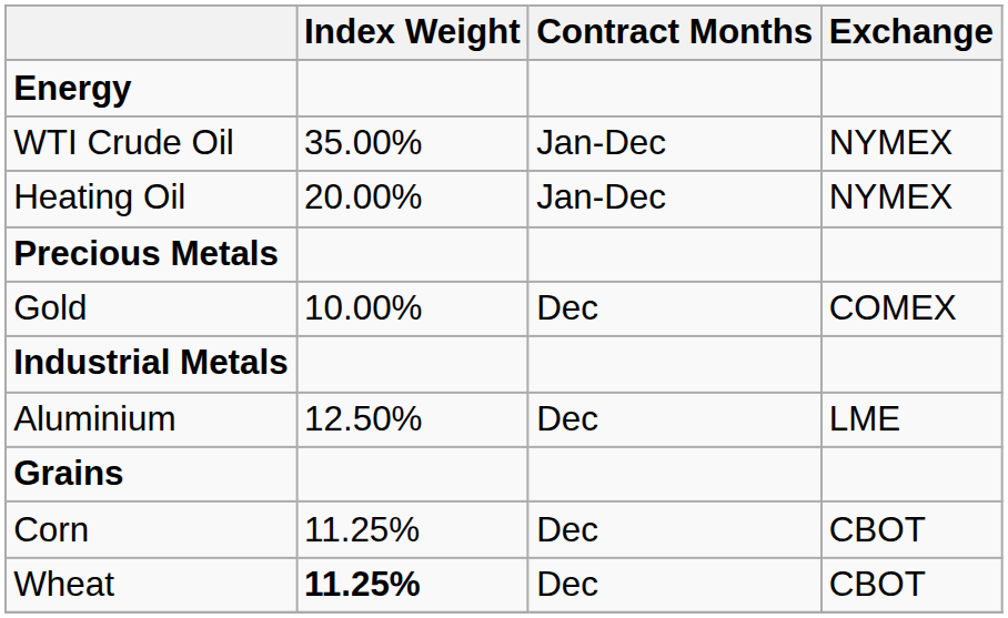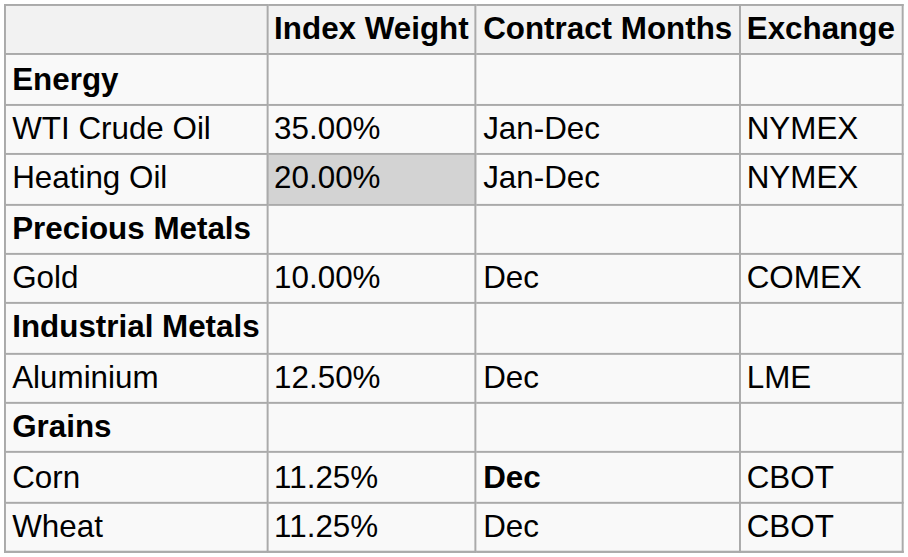 <table class="wikitable">
 <tr>
 <th></th>
 <th>Index Weight</th>
 <th>Contract Months</th>
 <th>Exchange</th>
 </tr>
 <tr>
 <td><strong>Energy</strong></td>
 <td></td>
 <td></td>
 <td></td>
 </tr>
 <tr>
 <td>WTI Crude Oil</td>
 <td>35.00%</td>
 <td>Jan-Dec</td>
 <td>NYMEX</td>
 </tr>
 <tr>
 <td>Heating Oil</td>
-<td>20.00%</td>
+<td style="background: lightgrey;">20.00%</td>
 <td>Jan-Dec</td>
 <td>NYMEX</td>
 </tr>
 <tr>
 <td><strong>Precious Metals</strong></td>
 <td></td>
 <td></td>
 <td></td>
 </tr>
 <tr>
 <td>Gold</td>
 <td>10.00%</td>
 <td>Dec</td>
 <td>COMEX</td>
 </tr>
 <tr>
 <td><strong>Industrial Metals</strong></td>
 <td></td>
 <td></td>
 <td></td>
 </tr>
 <tr>
 <td>Aluminium</td>
 <td>12.50%</td>
 <td>Dec</td>
 <td>LME</td>
 </tr>
 <tr>
 <td><strong>Grains</strong></td>
 <td></td>
 <td></td>
 <td></td>
 </tr>
 <tr>
 <td>Corn</td>
 <td>11.25%</td>
-<td>Dec</td>
+<td><strong>Dec</strong></td>
 <td>CBOT</td>
 </tr>
 <tr>
 <td>Wheat</td>
-<td><strong>11.25%</strong></td>
+<td>11.25%</td>
 <td>Dec</td>
 <td>CBOT</td>
 </tr>
 <tr>
 </tr>
 </table>
